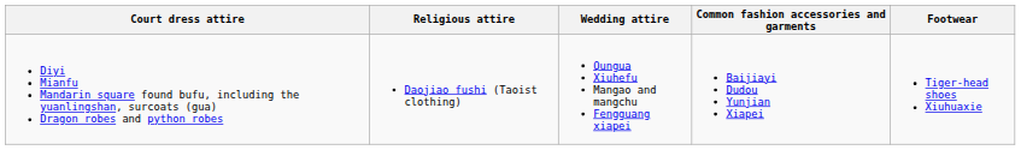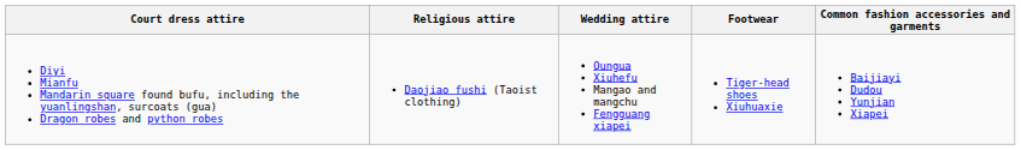 <table class="wikitable">
 <tr>
 <th>Court dress attire</th>
 <th>Religious attire</th>
 <th>Wedding attire</th>
+<th>Footwear</th>
 <th>Common fashion accessories and garments</th>
-<th>Footwear</th>
 </tr>
 <tr>
 <td><br><ul><li><a href='#'>Diyi</a><a href='#'></a></li><li><a href='#'>Mianfu</a></li><li><a href='#'>Mandarin square</a> found bufu, including the <a href='#'>yuanlingshan</a>, surcoats (gua)</li><li><a href='#'>Dragon robes</a> and <a href='#'>python robes</a></li></ul></td>
 <td><br><ul><li><a href='#'>Daojiao fushi</a> (Taoist clothing)</li></ul></td>
 <td><br><ul><li><a href='#'>Qungua</a></li><li><a href='#'>Xiuhefu</a></li><li>Mangao and mangchu</li><li><a href='#'>Fengguang xiapei</a></li></ul></td>
+<td><br><ul><li><a href='#'>Tiger-head shoes</a></li><li><a href='#'>Xiuhuaxie</a></li></ul></td>
 <td><br><ul><li><a href='#'>Baijiayi</a></li><li><a href='#'>Dudou</a></li><li><a href='#'>Yunjian</a></li><li><a href='#'>Xiapei</a></li></ul></td>
-<td><br><ul><li><a href='#'>Tiger-head shoes</a></li><li><a href='#'>Xiuhuaxie</a></li></ul></td>
 </tr>
 </table>
